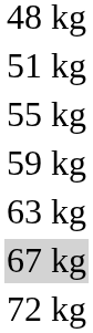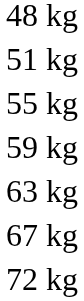 <table>
 <tr>
 <td rowspan=2>48 kg</td>
 <td rowspan=2></td>
 <td rowspan=2></td>
 <td></td>
 </tr>
 <tr>
 <td></td>
 </tr>
 <tr>
 <td rowspan=2>51 kg</td>
 <td rowspan=2></td>
 <td rowspan=2></td>
 <td></td>
 </tr>
 <tr>
 <td></td>
 </tr>
 <tr>
 <td rowspan=2>55 kg</td>
 <td rowspan=2></td>
 <td rowspan=2></td>
 <td></td>
 </tr>
 <tr>
 <td></td>
 </tr>
 <tr>
 <td rowspan=2>59 kg</td>
 <td rowspan=2></td>
 <td rowspan=2></td>
 <td></td>
 </tr>
 <tr>
 <td></td>
 </tr>
 <tr>
 <td rowspan=2>63 kg</td>
 <td rowspan=2></td>
 <td rowspan=2></td>
 <td></td>
 </tr>
 <tr>
 <td></td>
 </tr>
 <tr>
-<td style="background: lightgrey;">67 kg</td>
+<td>67 kg</td>
 <td></td>
 <td></td>
 <td></td>
 </tr>
 <tr>
 <td rowspan=2>72 kg</td>
 <td rowspan=2></td>
 <td rowspan=2></td>
 <td></td>
 </tr>
 <tr>
 <td></td>
 </tr>
 <tr>
 </tr>
 </table>
